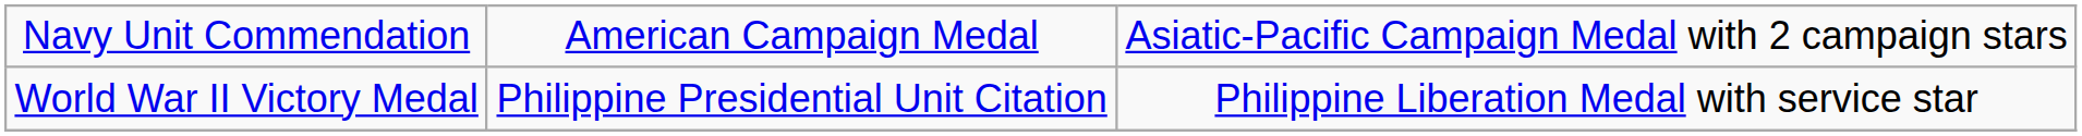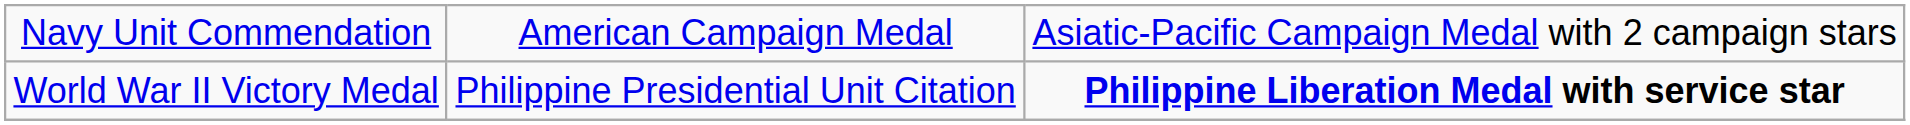 <table class="wikitable">
 <tr align=center>
 <td><a href='#'>Navy Unit Commendation</a></td>
 <td><a href='#'>American Campaign Medal</a></td>
 <td><a href='#'>Asiatic-Pacific Campaign Medal</a> with 2 campaign stars</td>
 </tr>
 <tr align=center>
 <td><a href='#'>World War II Victory Medal</a></td>
 <td><a href='#'>Philippine Presidential Unit Citation</a></td>
-<td><a href='#'>Philippine Liberation Medal</a> with service star</td>
+<td><strong><a href='#'>Philippine Liberation Medal</a> with service star</strong></td>
 </tr>
 <tr>
 </tr>
 </table>
